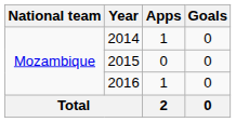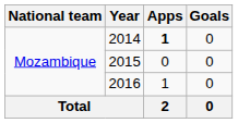 <table class="wikitable" style="text-align:center">
 <tr>
 <th>National team</th>
 <th>Year</th>
 <th>Apps</th>
 <th>Goals</th>
 </tr>
 <tr>
 <td rowspan="3"><a href='#'>Mozambique</a></td>
 <td>2014</td>
-<td>1</td>
+<td><strong>1</strong></td>
 <td>0</td>
 </tr>
 <tr>
 <td>2015</td>
 <td>0</td>
 <td>0</td>
 </tr>
 <tr>
 <td>2016</td>
 <td>1</td>
 <td>0</td>
 </tr>
 <tr>
 <th colspan="2">Total</th>
 <th>2</th>
 <th>0</th>
 </tr>
 </table>
